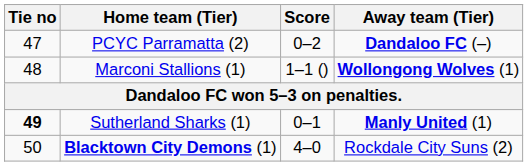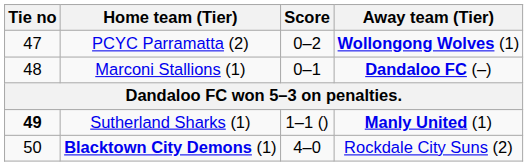 <table class="wikitable" style="text-align:center">
 <tr>
 <th>Tie no</th>
 <th>Home team (Tier)</th>
 <th>Score</th>
 <th>Away team (Tier)</th>
 </tr>
 <tr>
 <td>47</td>
 <td><a href='#'>PCYC Parramatta</a> (2)</td>
 <td>0–2</td>
-<td><strong><a href='#'>Dandaloo FC</a></strong> (–)</td>
+<td><strong><a href='#'>Wollongong Wolves</a></strong> (1)</td>
 </tr>
 <tr>
 <td>48</td>
 <td><a href='#'>Marconi Stallions</a> (1)</td>
-<td>1–1 ()</td>
-<td><strong><a href='#'>Wollongong Wolves</a></strong> (1)</td>
+<td>0–1</td>
+<td><strong><a href='#'>Dandaloo FC</a></strong> (–)</td>
 </tr>
 <tr>
 <th colspan=4><strong>Dandaloo FC won 5–3 on penalties.</strong></th>
 </tr>
 <tr>
 <td><strong>49</strong></td>
 <td><a href='#'>Sutherland Sharks</a> (1)</td>
-<td>0–1</td>
+<td>1–1 ()</td>
 <td><strong><a href='#'>Manly United</a></strong> (1)</td>
 </tr>
 <tr>
 <td>50</td>
 <td><strong><a href='#'>Blacktown City Demons</a></strong> (1)</td>
 <td>4–0</td>
 <td><a href='#'>Rockdale City Suns</a> (2)</td>
 </tr>
 </table>
